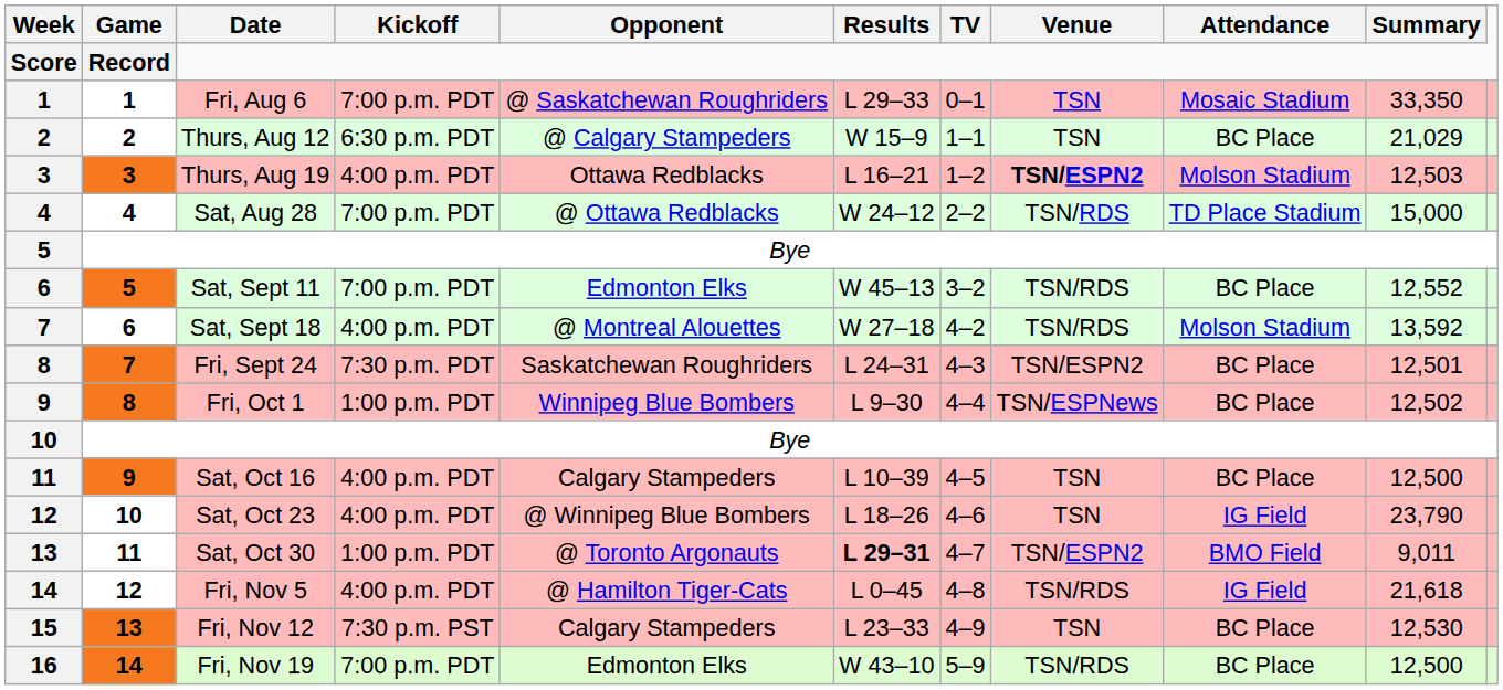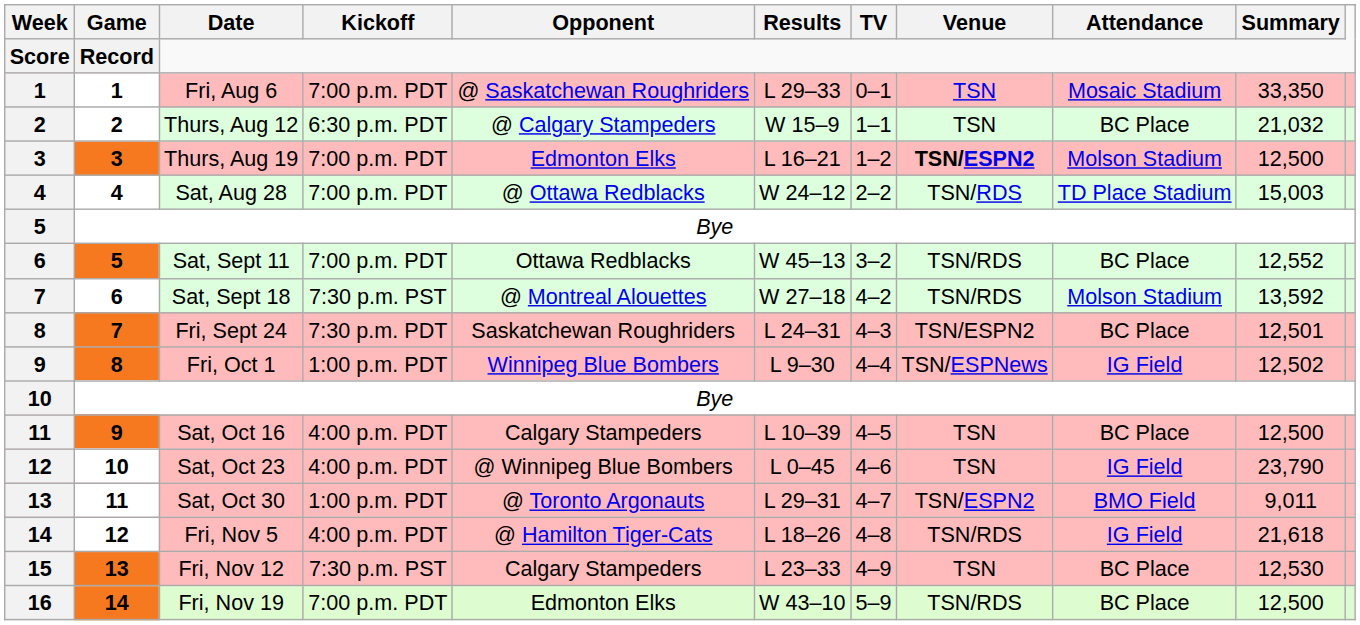 <table class="wikitable" style="font-size: 95%;">
 <tr>
 <th scope="col">Week</th>
 <th scope="col">Game</th>
 <th scope="col">Date</th>
 <th scope="col">Kickoff</th>
 <th scope="col">Opponent</th>
 <th scope="col">Results</th>
 <th scope="col">TV</th>
 <th scope="col">Venue</th>
 <th scope="col">Attendance</th>
 <th scope="col">Summary</th>
 </tr>
 <tr>
 <th scope="col">Score</th>
 <th scope="col">Record</th>
 </tr>
 <tr align="center" bgcolor="ffbbbb">
 <th align="center">1</th>
 <th style="text-align:center; background:white;"><span>1</span></th>
 <td align="center">Fri, Aug 6</td>
 <td align="center">7:00 p.m. PDT</td>
 <td align="center">@ <a href='#'>Saskatchewan Roughriders</a></td>
 <td align="center">L 29–33</td>
 <td align="center">0–1</td>
 <td align="center"><a href='#'>TSN</a></td>
 <td align="center"><a href='#'>Mosaic Stadium</a></td>
 <td align="center">33,350</td>
 <td align="center"></td>
 </tr>
 <tr align="center" bgcolor="ddffdd">
 <th align="center">2</th>
 <th style="text-align:center; background:white;"><span>2</span></th>
 <td align="center">Thurs, Aug 12</td>
 <td align="center">6:30 p.m. PDT</td>
 <td align="center">@ <a href='#'>Calgary Stampeders</a></td>
 <td align="center">W 15–9</td>
 <td align="center">1–1</td>
 <td align="center">TSN</td>
 <td align="center">BC Place</td>
-<td align="center">21,029</td>
+<td align="center">21,032</td>
 <td align="center"></td>
 </tr>
 <tr align="center" bgcolor="ffbbbb">
 <th align="center">3</th>
 <th style="text-align:center; background:#F6791F;"><span>3</span></th>
 <td align="center">Thurs, Aug 19</td>
-<td align="center">4:00 p.m. PDT</td>
-<td align="center">Ottawa Redblacks</td>
+<td align="center">7:00 p.m. PDT</td>
+<td align="center"><a href='#'>Edmonton Elks</a></td>
 <td align="center">L 16–21</td>
 <td align="center">1–2</td>
 <td align="center"><strong>TSN/<a href='#'>ESPN2</a></strong></td>
 <td align="center"><a href='#'>Molson Stadium</a></td>
-<td align="center">12,503</td>
+<td align="center">12,500</td>
 <td align="center"></td>
 </tr>
 <tr align="center" bgcolor="ddffdd">
 <th align="center">4</th>
 <th style="text-align:center; background:white;"><span>4</span></th>
 <td align="center">Sat, Aug 28</td>
 <td align="center">7:00 p.m. PDT</td>
 <td align="center">@ <a href='#'>Ottawa Redblacks</a></td>
 <td align="center">W 24–12</td>
 <td align="center">2–2</td>
 <td align="center">TSN/<a href='#'>RDS</a></td>
 <td align="center"><a href='#'>TD Place Stadium</a></td>
-<td align="center">15,000</td>
+<td align="center">15,003</td>
 <td align="center"></td>
 </tr>
 <tr align="center" bgcolor="ffffff">
 <th align="center">5</th>
 <td colspan=10 align="center" valign="middle"><em>Bye</em></td>
 </tr>
 <tr align="center" bgcolor="ddffdd">
 <th align="center">6</th>
 <th style="text-align:center; background:#F6791F;"><span>5</span></th>
 <td align="center">Sat, Sept 11</td>
 <td align="center">7:00 p.m. PDT</td>
-<td align="center"><a href='#'>Edmonton Elks</a></td>
+<td align="center">Ottawa Redblacks</td>
 <td align="center">W 45–13</td>
 <td align="center">3–2</td>
 <td align="center">TSN/RDS</td>
 <td align="center">BC Place</td>
 <td align="center">12,552</td>
 <td align="center"></td>
 </tr>
 <tr align="center" bgcolor="ddffdd">
 <th align="center">7</th>
 <th style="text-align:center; background:white;"><span>6</span></th>
 <td align="center">Sat, Sept 18</td>
-<td align="center">4:00 p.m. PDT</td>
+<td align="center">7:30 p.m. PST</td>
 <td align="center">@ <a href='#'>Montreal Alouettes</a></td>
 <td align="center">W 27–18</td>
 <td align="center">4–2</td>
 <td align="center">TSN/RDS</td>
 <td align="center"><a href='#'>Molson Stadium</a></td>
 <td align="center">13,592</td>
 <td align="center"></td>
 </tr>
 <tr align="center" bgcolor="ffbbbb">
 <th align="center">8</th>
 <th style="text-align:center; background:#F6791F;"><span>7</span></th>
 <td align="center">Fri, Sept 24</td>
 <td align="center">7:30 p.m. PDT</td>
 <td align="center">Saskatchewan Roughriders</td>
 <td align="center">L 24–31</td>
 <td align="center">4–3</td>
 <td align="center">TSN/ESPN2</td>
 <td align="center">BC Place</td>
 <td align="center">12,501</td>
 <td align="center"></td>
 </tr>
 <tr align="center" bgcolor="ffbbbb">
 <th align="center">9</th>
 <th style="text-align:center; background:#F6791F;"><span>8</span></th>
 <td align="center">Fri, Oct 1</td>
 <td align="center">1:00 p.m. PDT</td>
 <td align="center"><a href='#'>Winnipeg Blue Bombers</a></td>
 <td align="center">L 9–30</td>
 <td align="center">4–4</td>
 <td align="center">TSN/<a href='#'>ESPNews</a></td>
-<td align="center">BC Place</td>
+<td align="center"><a href='#'>IG Field</a></td>
 <td align="center">12,502</td>
 <td align="center"></td>
 </tr>
 <tr align="center" bgcolor="ffffff">
 <th align="center">10</th>
 <td colspan=10 align="center" valign="middle"><em>Bye</em></td>
 </tr>
 <tr align="center" bgcolor="ffbbbb">
 <th align="center">11</th>
 <th style="text-align:center; background:#F6791F;"><span>9</span></th>
 <td align="center">Sat, Oct 16</td>
 <td align="center">4:00 p.m. PDT</td>
 <td align="center">Calgary Stampeders</td>
 <td align="center">L 10–39</td>
 <td align="center">4–5</td>
 <td align="center">TSN</td>
 <td align="center">BC Place</td>
 <td align="center">12,500</td>
 <td align="center"></td>
 </tr>
 <tr align="center" bgcolor="ffbbbb">
 <th align="center">12</th>
 <th style="text-align:center; background:white;"><span>10</span></th>
 <td align="center">Sat, Oct 23</td>
 <td align="center">4:00 p.m. PDT</td>
 <td align="center">@ Winnipeg Blue Bombers</td>
-<td align="center">L 18–26</td>
+<td align="center">L 0–45</td>
 <td align="center">4–6</td>
 <td align="center">TSN</td>
 <td align="center"><a href='#'>IG Field</a></td>
 <td align="center">23,790</td>
 <td align="center"></td>
 </tr>
 <tr align="center" bgcolor="ffbbbb">
 <th align="center">13</th>
 <th style="text-align:center; background:white;"><span>11</span></th>
 <td align="center">Sat, Oct 30</td>
 <td align="center">1:00 p.m. PDT</td>
 <td align="center">@ <a href='#'>Toronto Argonauts</a></td>
-<td align="center"><strong>L 29–31 </strong></td>
+<td align="center">L 29–31 </td>
 <td align="center">4–7</td>
 <td align="center">TSN/<a href='#'>ESPN2</a></td>
 <td align="center"><a href='#'>BMO Field</a></td>
 <td align="center">9,011</td>
 <td align="center"></td>
 </tr>
 <tr align="center" bgcolor="ffbbbb">
 <th align="center">14</th>
 <th style="text-align:center; background:white;"><span>12</span></th>
 <td align="center">Fri, Nov 5</td>
 <td align="center">4:00 p.m. PDT</td>
 <td align="center">@ <a href='#'>Hamilton Tiger-Cats</a></td>
-<td align="center">L 0–45</td>
+<td align="center">L 18–26</td>
 <td align="center">4–8</td>
 <td align="center">TSN/RDS</td>
 <td align="center"><a href='#'>IG Field</a></td>
 <td align="center">21,618</td>
 <td align="center"></td>
 </tr>
 <tr align="center" bgcolor="ffbbbb">
 <th align="center">15</th>
 <th style="text-align:center; background:#F6791F;"><span>13</span></th>
 <td align="center">Fri, Nov 12</td>
 <td align="center">7:30 p.m. PST</td>
 <td align="center">Calgary Stampeders</td>
 <td align="center">L 23–33</td>
 <td align="center">4–9</td>
 <td align="center">TSN</td>
 <td align="center">BC Place</td>
 <td align="center">12,530</td>
 <td align="center"></td>
 </tr>
 <tr align="center" bgcolor="ddffddd">
 <th align="center">16</th>
 <th style="text-align:center; background:#F6791F;"><span>14</span></th>
 <td align="center">Fri, Nov 19</td>
 <td align="center">7:00 p.m. PDT</td>
 <td align="center">Edmonton Elks</td>
 <td align="center">W 43–10</td>
 <td align="center">5–9</td>
 <td align="center">TSN/RDS</td>
 <td align="center">BC Place</td>
 <td align="center">12,500</td>
 <td align="center"></td>
 </tr>
 </table>
